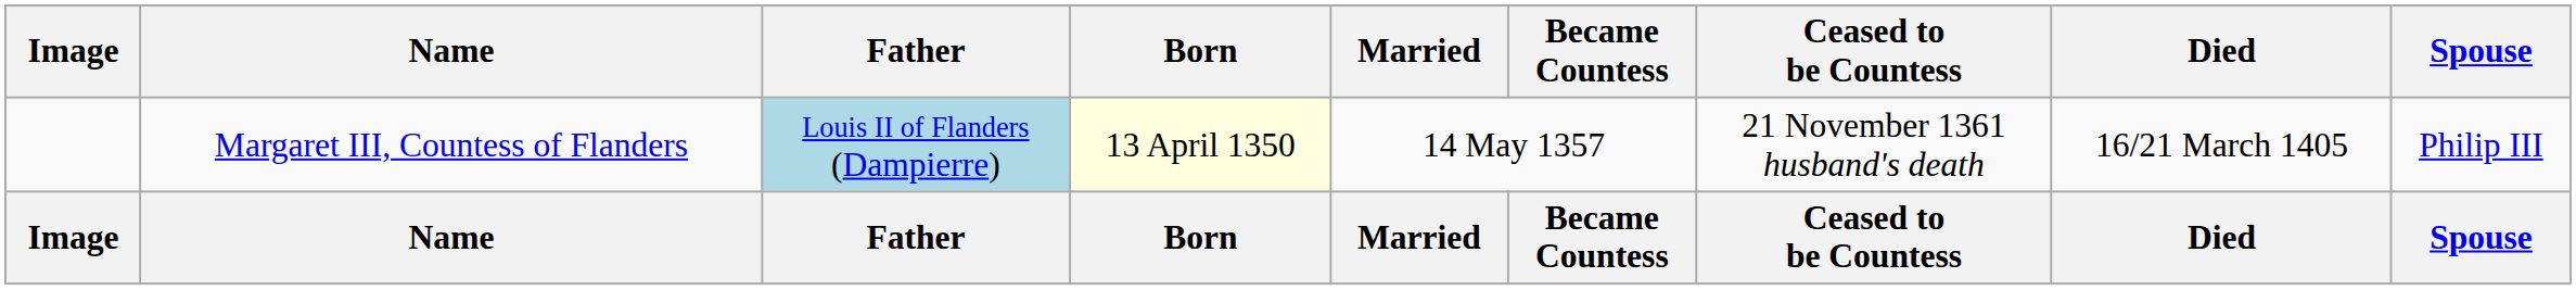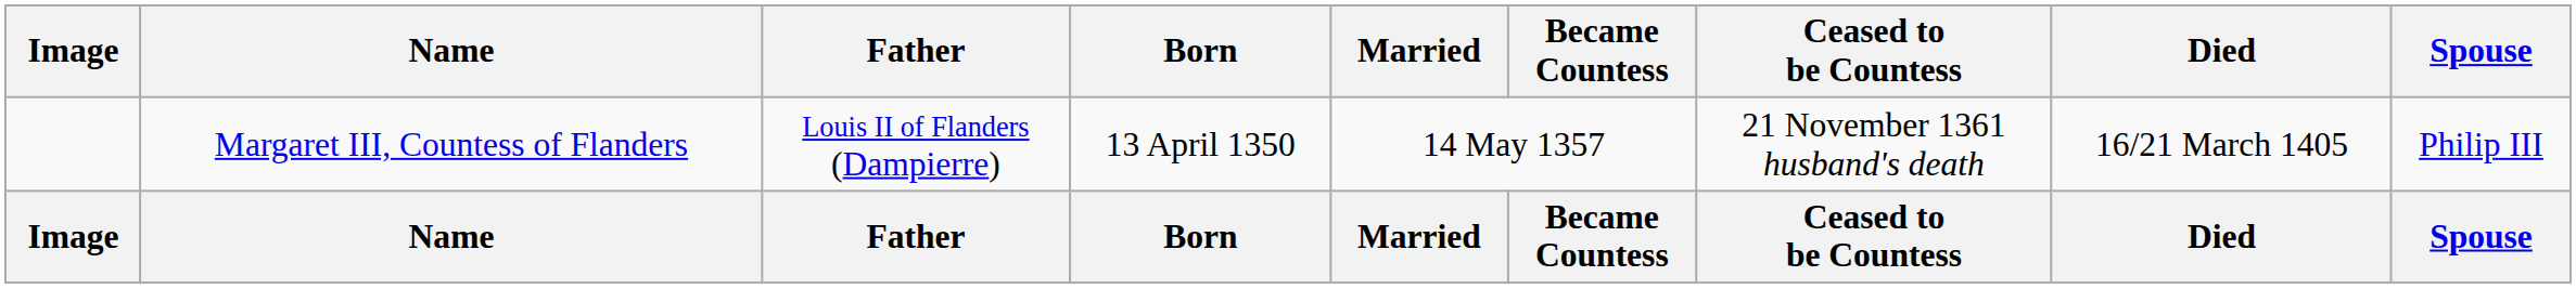 <table width=95% class="wikitable">
 <tr>
 <th>Image</th>
 <th>Name</th>
 <th>Father</th>
 <th>Born</th>
 <th>Married</th>
 <th>Became<br>Countess</th>
 <th>Ceased to<br>be Countess</th>
 <th>Died</th>
 <th><a href='#'>Spouse</a></th>
 </tr>
 <tr>
 <td align="center"></td>
 <td align="center"><a href='#'>Margaret III, Countess of Flanders</a><br></td>
-<td align="center" style="background: lightblue;"><small><a href='#'>Louis II of Flanders</a></small><br>(<a href='#'>Dampierre</a>)</td>
-<td align=center style="background: lightyellow;">13 April 1350</td>
+<td align="center"><small><a href='#'>Louis II of Flanders</a></small><br>(<a href='#'>Dampierre</a>)</td>
+<td align=center>13 April 1350</td>
 <td align="center" colspan="2">14 May 1357</td>
 <td align=center>21 November 1361<br><em>husband's death</em></td>
 <td align="center">16/21 March 1405</td>
 <td align="center"><a href='#'>Philip III</a></td>
 </tr>
 <tr>
 <th>Image</th>
 <th>Name</th>
 <th>Father</th>
 <th>Born</th>
 <th>Married</th>
 <th>Became<br>Countess</th>
 <th>Ceased to<br>be Countess</th>
 <th>Died</th>
 <th><a href='#'>Spouse</a></th>
 </tr>
 </table>
